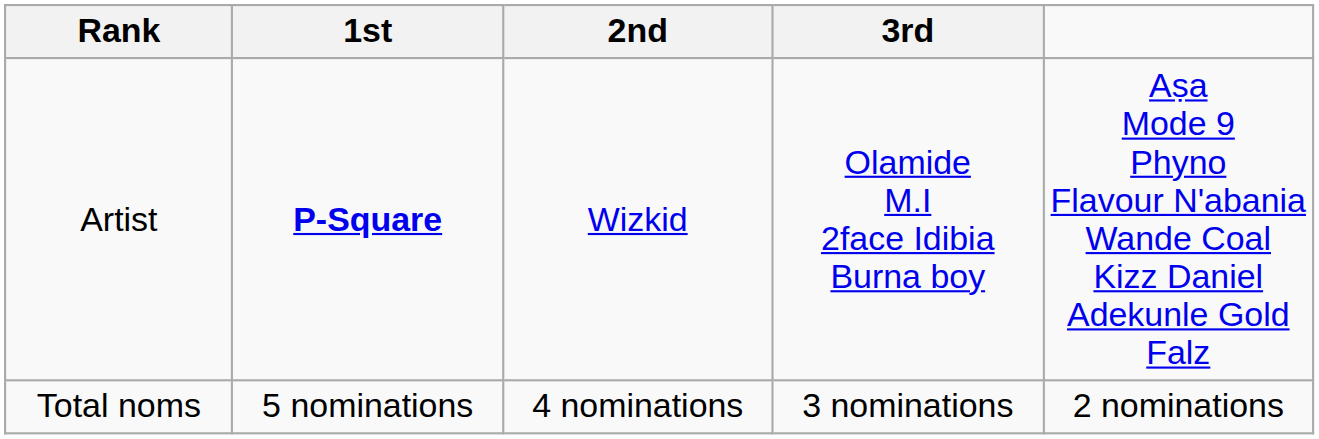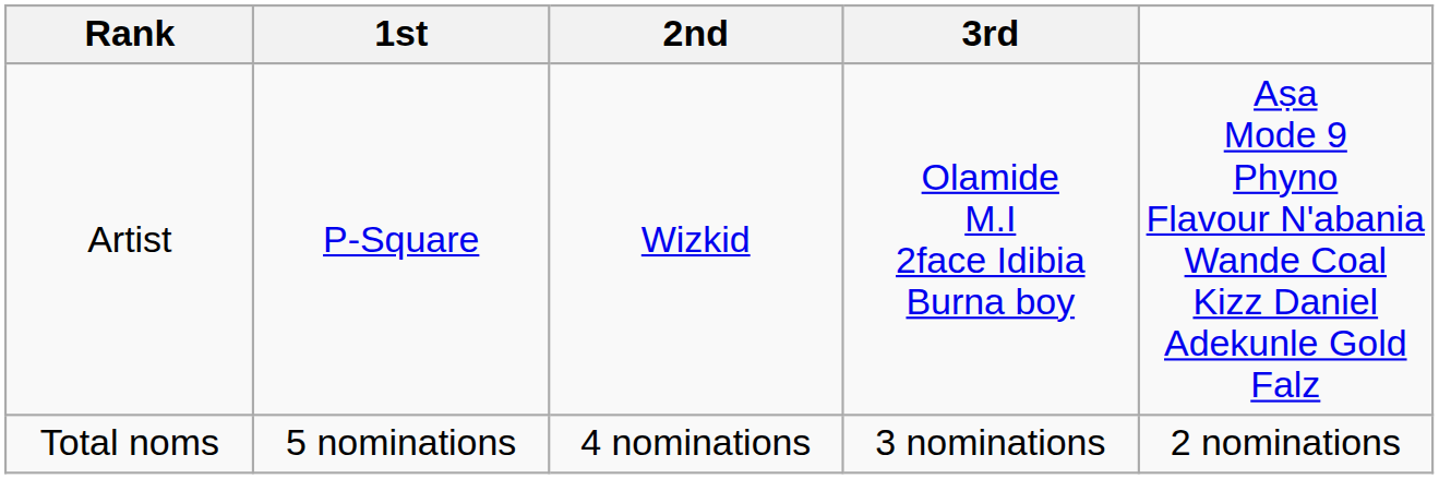 <table class="wikitable">
 <tr>
 <th style="width:100px;">Rank</th>
 <th style="width:120px;">1st</th>
 <th style="width:120px;">2nd</th>
 <th style="width:120px;">3rd</th>
 </tr>
 <tr align=center>
 <td>Artist</td>
-<td><strong><a href='#'>P-Square</a></strong></td>
+<td><a href='#'>P-Square</a></td>
 <td><a href='#'>Wizkid</a></td>
 <td><a href='#'>Olamide</a><br><a href='#'>M.I</a><br><a href='#'>2face Idibia</a><br><a href='#'>Burna boy</a></td>
 <td><a href='#'>Aṣa</a><br><a href='#'>Mode 9</a><br><a href='#'>Phyno</a><br><a href='#'>Flavour N'abania</a><br><a href='#'>Wande Coal</a><br><a href='#'>Kizz Daniel</a><br><a href='#'>Adekunle Gold</a><br><a href='#'>Falz</a></td>
 </tr>
 <tr align=center>
 <td>Total noms</td>
 <td>5 nominations</td>
 <td>4 nominations</td>
 <td>3 nominations</td>
 <td>2 nominations</td>
 </tr>
 </table>
